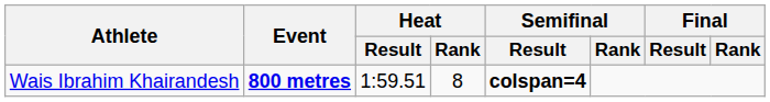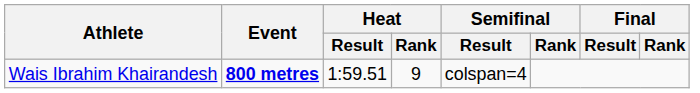 <table class="wikitable" style="font-size:90%">
 <tr>
 <th rowspan="2">Athlete</th>
 <th rowspan="2">Event</th>
 <th colspan="2">Heat</th>
 <th colspan="2">Semifinal</th>
 <th colspan="2">Final</th>
 </tr>
 <tr style="font-size:95%">
 <th>Result</th>
 <th>Rank</th>
 <th>Result</th>
 <th>Rank</th>
 <th>Result</th>
 <th>Rank</th>
 </tr>
 <tr style=text-align:center>
 <td style=text-align:left><a href='#'>Wais Ibrahim Khairandesh</a></td>
 <td style=text-align:left><strong><a href='#'>800 metres</a></strong></td>
 <td>1:59.51</td>
-<td>8</td>
-<td><strong>colspan=4 </strong></td>
+<td>9</td>
+<td>colspan=4 </td>
 </tr>
 </table>
